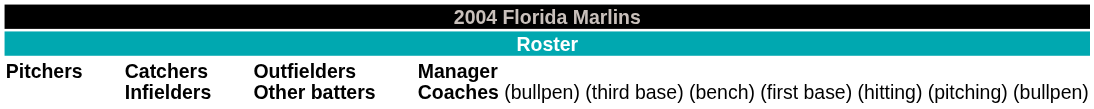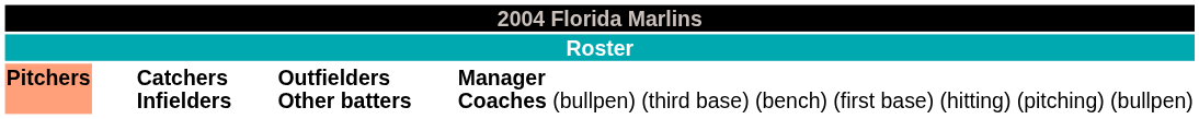 <table class="toccolours" style="font-size: 95%;">
 <tr>
 <th colspan="10" style="background-color: #000000; color: #C9C0BB; text-align: center;">2004 Florida Marlins</th>
 </tr>
 <tr>
 <td colspan="10" style="background-color: #00a8b0; color: white; text-align: center;"><strong>Roster</strong></td>
 </tr>
 <tr>
-<td valign="top"><strong>Pitchers</strong><br>                        </td>
+<td valign="top" style="background: lightsalmon;"><strong>Pitchers</strong><br>                        </td>
 <td width="25px"></td>
 <td valign="top"><strong>Catchers</strong><br>    <strong>Infielders</strong>        </td>
 <td width="25px"></td>
 <td valign="top"><strong>Outfielders</strong><br>       <strong>Other batters</strong> </td>
 <td width="25px"></td>
 <td valign="top"><strong>Manager</strong><br> <strong>Coaches</strong>  (bullpen)  (third base)  (bench)  (first base)  (hitting)  (pitching)  (bullpen)</td>
 </tr>
 <tr>
 </tr>
 </table>
